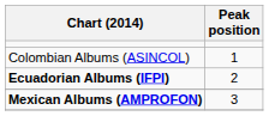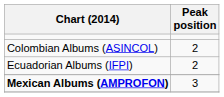 <table class="wikitable sortable plainrowheaders">
 <tr>
 <th>Chart (2014)</th>
 <th>Peak<br>position</th>
 </tr>
 <tr>
 <td></td>
 </tr>
 <tr>
 <td>Colombian Albums (<a href='#'>ASINCOL</a>)</td>
-<td style="text-align:center;">1</td>
+<td style="text-align:center;">2</td>
 </tr>
 <tr>
-<td><strong>Ecuadorian Albums (<a href='#'>IFPI</a>)</strong></td>
+<td>Ecuadorian Albums (<a href='#'>IFPI</a>)</td>
 <td style="text-align:center;">2</td>
 </tr>
 <tr>
 </tr>
 <tr>
 <td><strong>Mexican Albums (<a href='#'>AMPROFON</a>)</strong></td>
 <td align="center">3</td>
 </tr>
 <tr>
 </tr>
 <tr>
 </tr>
 <tr>
 </tr>
 <tr>
 </tr>
 <tr>
 </tr>
 </table>
